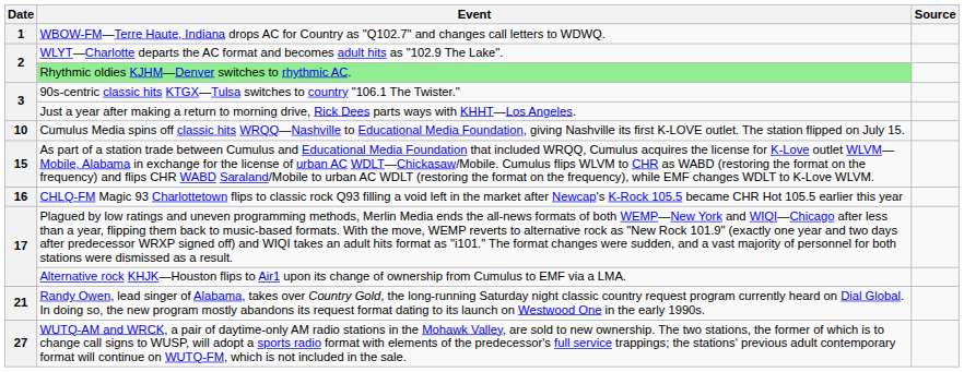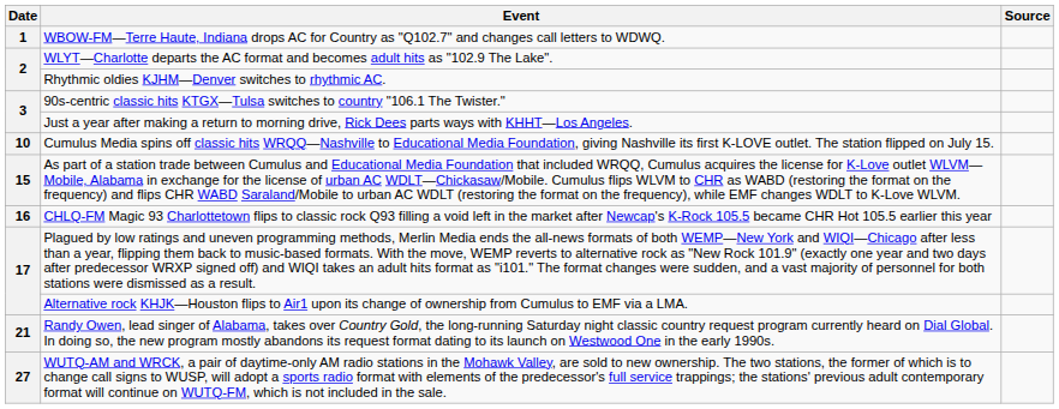 <table class=wikitable>
 <tr>
 <th>Date</th>
 <th>Event</th>
 <th>Source</th>
 </tr>
 <tr>
 <th>1</th>
 <td><a href='#'>WBOW-FM</a>—<a href='#'>Terre Haute, Indiana</a> drops AC for Country as "Q102.7" and changes call letters to WDWQ.</td>
 <td></td>
 </tr>
 <tr>
 <th rowspan="2">2</th>
 <td><a href='#'>WLYT</a>—<a href='#'>Charlotte</a> departs the AC format and becomes <a href='#'>adult hits</a> as "102.9 The Lake".</td>
 <td></td>
 </tr>
 <tr>
-<td style="background: lightgreen;">Rhythmic oldies <a href='#'>KJHM</a>—<a href='#'>Denver</a> switches to <a href='#'>rhythmic AC</a>.</td>
+<td>Rhythmic oldies <a href='#'>KJHM</a>—<a href='#'>Denver</a> switches to <a href='#'>rhythmic AC</a>.</td>
 <td></td>
 </tr>
 <tr>
 <th rowspan="2">3</th>
 <td>90s-centric <a href='#'>classic hits</a> <a href='#'>KTGX</a>—<a href='#'>Tulsa</a> switches to <a href='#'>country</a> "106.1 The Twister."</td>
 <td></td>
 </tr>
 <tr>
 <td>Just a year after making a return to morning drive, <a href='#'>Rick Dees</a> parts ways with <a href='#'>KHHT</a>—<a href='#'>Los Angeles</a>.</td>
 <td></td>
 </tr>
 <tr>
 <th>10</th>
 <td>Cumulus Media spins off <a href='#'>classic hits</a> <a href='#'>WRQQ</a>—<a href='#'>Nashville</a> to <a href='#'>Educational Media Foundation</a>, giving Nashville its first K-LOVE outlet. The station flipped on July 15.</td>
 <td></td>
 </tr>
 <tr>
 <th>15</th>
 <td>As part of a station trade between Cumulus and <a href='#'>Educational Media Foundation</a> that included WRQQ, Cumulus acquires the license for <a href='#'>K-Love</a> outlet <a href='#'>WLVM</a>—<a href='#'>Mobile, Alabama</a> in exchange for the license of <a href='#'>urban AC</a> <a href='#'>WDLT</a>—<a href='#'>Chickasaw</a>/Mobile. Cumulus flips WLVM to <a href='#'>CHR</a> as WABD (restoring the format on the  frequency) and flips CHR <a href='#'>WABD</a> <a href='#'>Saraland</a>/Mobile to urban AC WDLT (restoring the format on the  frequency), while EMF changes WDLT to K-Love WLVM.</td>
 <td></td>
 </tr>
 <tr>
 <th>16</th>
 <td><a href='#'>CHLQ-FM</a> Magic 93 <a href='#'>Charlottetown</a> flips to classic rock Q93 filling a void left in the market after <a href='#'>Newcap</a>'s <a href='#'>K-Rock 105.5</a> became CHR Hot 105.5 earlier this year</td>
 <td></td>
 </tr>
 <tr>
 <th rowspan="2">17</th>
 <td>Plagued by low ratings and uneven programming methods, Merlin Media ends the all-news formats of both <a href='#'>WEMP</a>—<a href='#'>New York</a> and <a href='#'>WIQI</a>—<a href='#'>Chicago</a> after less than a year, flipping them back to music-based formats. With the move, WEMP reverts to alternative rock as "New Rock 101.9" (exactly one year and two days after predecessor WRXP signed off) and WIQI takes an adult hits format as "i101." The format changes were sudden, and a vast majority of personnel for both stations were dismissed as a result.</td>
 <td></td>
 </tr>
 <tr>
 <td><a href='#'>Alternative rock</a> <a href='#'>KHJK</a>—Houston flips to <a href='#'>Air1</a> upon its change of ownership from Cumulus to EMF via a LMA.</td>
 <td></td>
 </tr>
 <tr>
 <th>21</th>
 <td><a href='#'>Randy Owen</a>, lead singer of <a href='#'>Alabama</a>, takes over <em>Country Gold</em>, the long-running Saturday night classic country request program currently heard on <a href='#'>Dial Global</a>. In doing so, the new program mostly abandons its request format dating to its launch on <a href='#'>Westwood One</a> in the early 1990s.</td>
 <td></td>
 </tr>
 <tr>
 <th>27</th>
 <td><a href='#'>WUTQ-AM and WRCK</a>, a pair of daytime-only AM radio stations in the <a href='#'>Mohawk Valley</a>, are sold to new ownership. The two stations, the former of which is to change call signs to WUSP, will adopt a <a href='#'>sports radio</a> format with elements of the predecessor's <a href='#'>full service</a> trappings; the stations' previous adult contemporary format will continue on <a href='#'>WUTQ-FM</a>, which is not included in the sale.</td>
 <td></td>
 </tr>
 </table>
